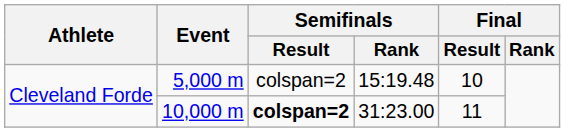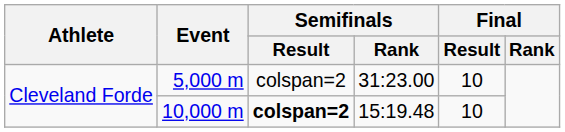 <table class=wikitable style="font-size:90%">
 <tr>
 <th rowspan="2">Athlete</th>
 <th rowspan="2">Event</th>
 <th colspan="2">Semifinals</th>
 <th colspan="2">Final</th>
 </tr>
 <tr style="font-size:95%">
 <th>Result</th>
 <th>Rank</th>
 <th>Result</th>
 <th>Rank</th>
 </tr>
 <tr align=center>
 <td rowspan=2 align=left><a href='#'>Cleveland Forde</a></td>
 <td align=right><a href='#'>5,000 m</a></td>
 <td>colspan=2 </td>
-<td>15:19.48</td>
+<td>31:23.00</td>
 <td>10</td>
 </tr>
 <tr align=center>
 <td align=right><a href='#'>10,000 m</a></td>
 <td><strong>colspan=2 </strong></td>
-<td>31:23.00</td>
-<td>11</td>
+<td>15:19.48</td>
+<td>10</td>
 </tr>
 </table>
